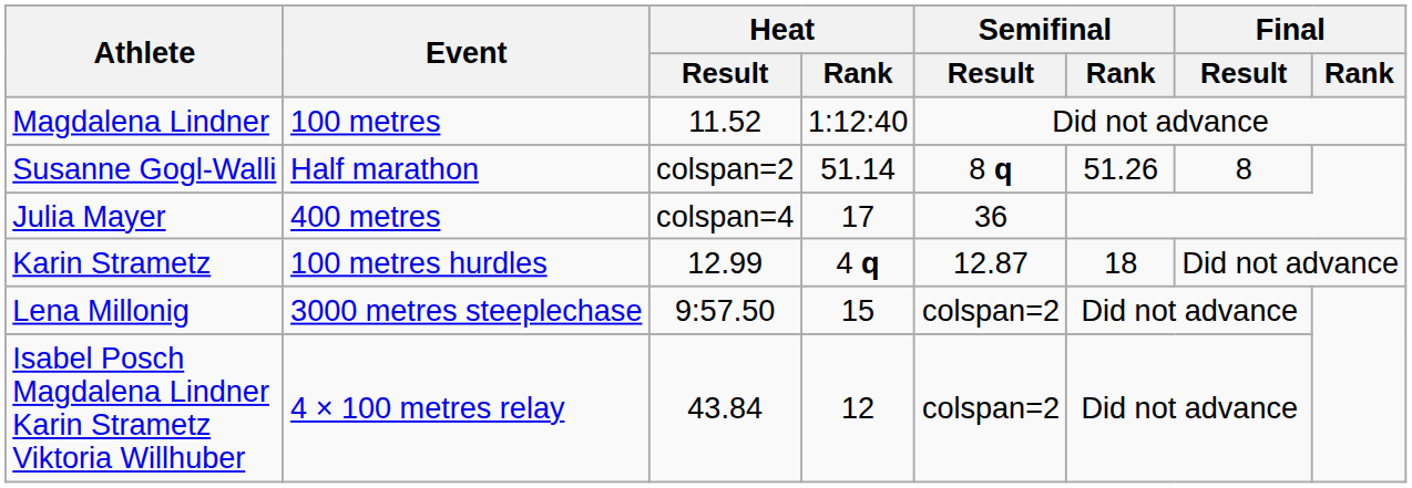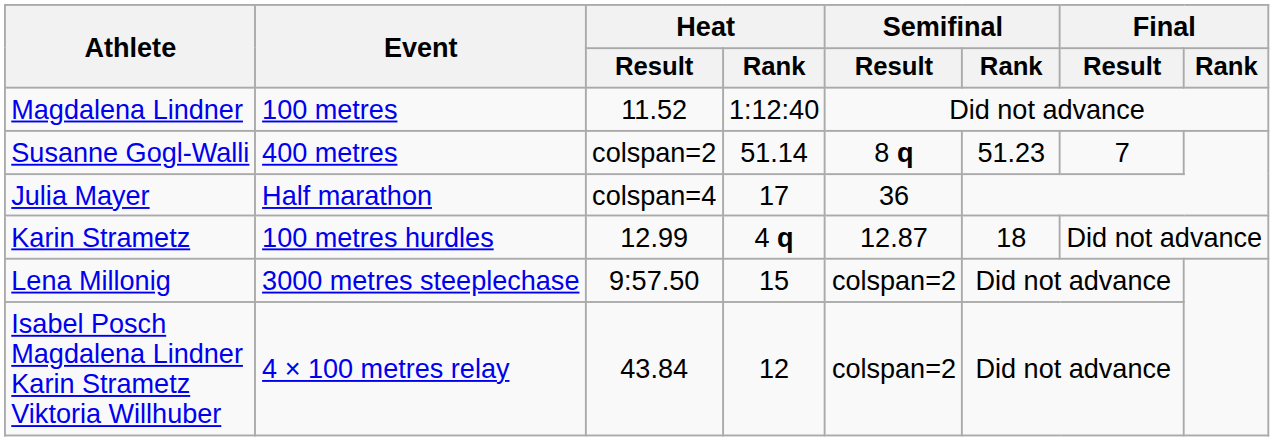 <table class=wikitable style=font-size:90%>
 <tr>
 <th rowspan=2>Athlete</th>
 <th rowspan=2>Event</th>
 <th colspan=2>Heat</th>
 <th colspan=2>Semifinal</th>
 <th colspan=2>Final</th>
 </tr>
 <tr style=font-size:95%>
 <th>Result</th>
 <th>Rank</th>
 <th>Result</th>
 <th>Rank</th>
 <th>Result</th>
 <th>Rank</th>
 </tr>
 <tr align=center>
 <td align=left><a href='#'>Magdalena Lindner</a></td>
 <td align=left><a href='#'>100 metres</a></td>
 <td>11.52</td>
 <td>1:12:40</td>
 <td colspan=4>Did not advance</td>
 </tr>
 <tr align=center>
 <td align=left><a href='#'>Susanne Gogl-Walli</a></td>
-<td align=left><a href='#'>Half marathon</a></td>
+<td align=left><a href='#'>400 metres</a></td>
 <td>colspan=2</td>
 <td>51.14 </td>
 <td>8 <strong>q</strong></td>
-<td>51.26</td>
-<td>8</td>
+<td>51.23</td>
+<td>7</td>
 </tr>
 <tr align=center>
 <td align=left><a href='#'>Julia Mayer</a></td>
-<td align=left><a href='#'>400 metres</a></td>
+<td align=left><a href='#'>Half marathon</a></td>
 <td>colspan=4</td>
 <td>17</td>
 <td>36</td>
 </tr>
 <tr align=center>
 <td align=left><a href='#'>Karin Strametz</a></td>
 <td align=left><a href='#'>100 metres hurdles</a></td>
 <td>12.99</td>
 <td>4 <strong>q</strong></td>
 <td>12.87 </td>
 <td>18</td>
 <td colspan=2>Did not advance</td>
 </tr>
 <tr align=center>
 <td align=left><a href='#'>Lena Millonig</a></td>
 <td align=left><a href='#'>3000 metres steeplechase</a></td>
 <td>9:57.50</td>
 <td>15</td>
 <td>colspan=2</td>
 <td colspan=2>Did not advance</td>
 </tr>
 <tr align=center>
 <td align=left><a href='#'>Isabel Posch</a><br><a href='#'>Magdalena Lindner</a><br><a href='#'>Karin Strametz</a><br><a href='#'>Viktoria Willhuber</a></td>
 <td align=left><a href='#'>4 × 100 metres relay</a></td>
 <td>43.84 </td>
 <td>12</td>
 <td>colspan=2</td>
 <td colspan=2>Did not advance</td>
 </tr>
 </table>
